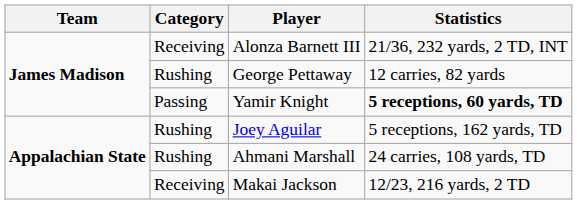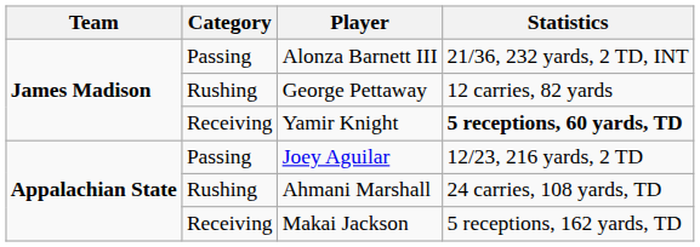 <table class="wikitable" style="float: right;">
 <tr>
 <th>Team</th>
 <th>Category</th>
 <th>Player</th>
 <th>Statistics</th>
 </tr>
 <tr>
 <td rowspan=3><strong>James Madison</strong></td>
-<td>Receiving</td>
+<td>Passing</td>
 <td>Alonza Barnett III</td>
 <td>21/36, 232 yards, 2 TD, INT</td>
 </tr>
 <tr>
 <td>Rushing</td>
 <td>George Pettaway</td>
 <td>12 carries, 82 yards</td>
 </tr>
 <tr>
-<td>Passing</td>
+<td>Receiving</td>
 <td>Yamir Knight</td>
 <td><strong>5 receptions, 60 yards, TD</strong></td>
 </tr>
 <tr>
 <td rowspan=3><strong>Appalachian State</strong></td>
-<td>Rushing</td>
+<td>Passing</td>
 <td><a href='#'>Joey Aguilar</a></td>
-<td>5 receptions, 162 yards, TD</td>
+<td>12/23, 216 yards, 2 TD</td>
 </tr>
 <tr>
 <td>Rushing</td>
 <td>Ahmani Marshall</td>
 <td>24 carries, 108 yards, TD</td>
 </tr>
 <tr>
 <td>Receiving</td>
 <td>Makai Jackson</td>
-<td>12/23, 216 yards, 2 TD</td>
+<td>5 receptions, 162 yards, TD</td>
 </tr>
 </table>
